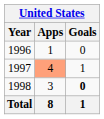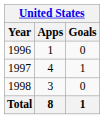 <table class="wikitable" style="text-align:center">
 <tr>
 <th colspan=3><a href='#'>United States</a></th>
 </tr>
 <tr>
 <th>Year</th>
 <th>Apps</th>
 <th>Goals</th>
 </tr>
 <tr>
 <td>1996</td>
 <td>1</td>
 <td>0</td>
 </tr>
 <tr>
 <td>1997</td>
-<td style="background: lightsalmon;">4</td>
+<td>4</td>
 <td>1</td>
 </tr>
 <tr>
 <td>1998</td>
 <td>3</td>
-<td><strong>0</strong></td>
+<td>0</td>
 </tr>
 <tr>
 <th>Total</th>
 <th>8</th>
 <th>1</th>
 </tr>
 </table>
